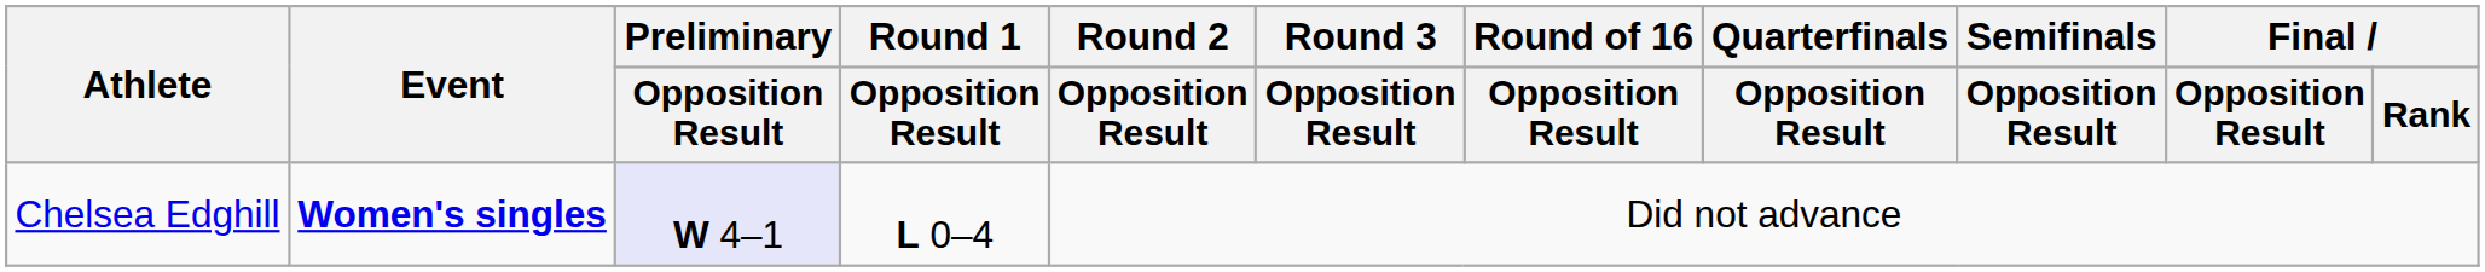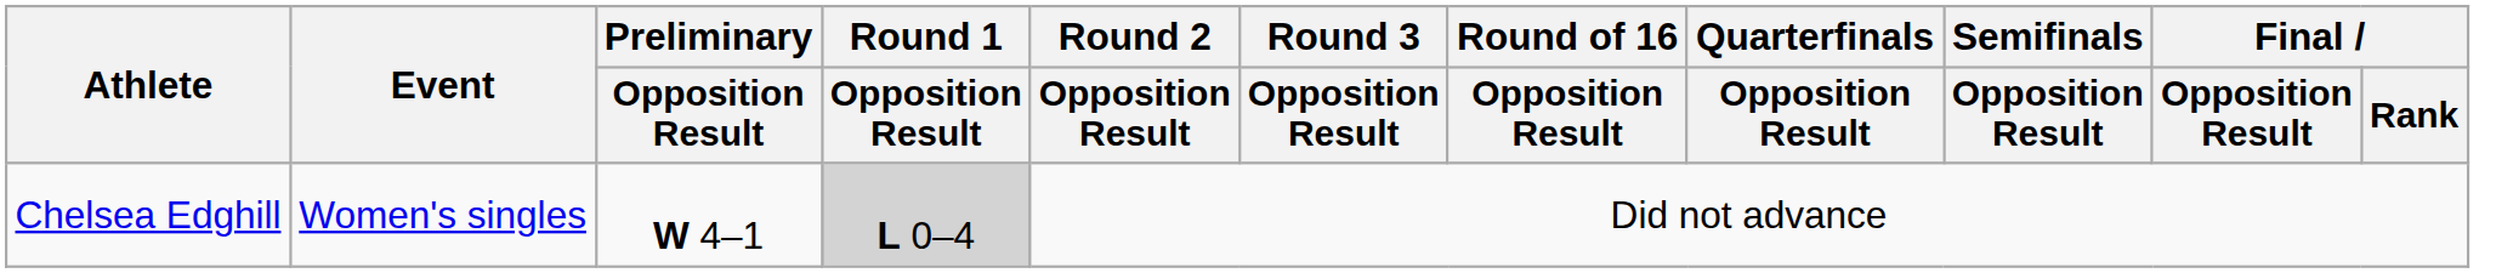 <table class="wikitable" style="font-size:90%;">
 <tr>
 <th rowspan=2>Athlete</th>
 <th rowspan=2>Event</th>
 <th>Preliminary</th>
 <th>Round 1</th>
 <th>Round 2</th>
 <th>Round 3</th>
 <th>Round of 16</th>
 <th>Quarterfinals</th>
 <th>Semifinals</th>
 <th colspan=2>Final / </th>
 </tr>
 <tr style="font-size:95%">
 <th>Opposition<br>Result</th>
 <th>Opposition<br>Result</th>
 <th>Opposition<br>Result</th>
 <th>Opposition<br>Result</th>
 <th>Opposition<br>Result</th>
 <th>Opposition<br>Result</th>
 <th>Opposition<br>Result</th>
 <th>Opposition<br>Result</th>
 <th>Rank</th>
 </tr>
 <tr align=center>
 <td align=left><a href='#'>Chelsea Edghill</a></td>
-<td align=left><strong><a href='#'>Women's singles</a></strong></td>
-<td style="background: lavender;"><br><strong>W</strong> 4–1</td>
-<td><br><strong>L</strong> 0–4</td>
+<td align=left><a href='#'>Women's singles</a></td>
+<td><br><strong>W</strong> 4–1</td>
+<td style="background: lightgrey;"><br><strong>L</strong> 0–4</td>
 <td colspan=7>Did not advance</td>
 </tr>
 </table>
